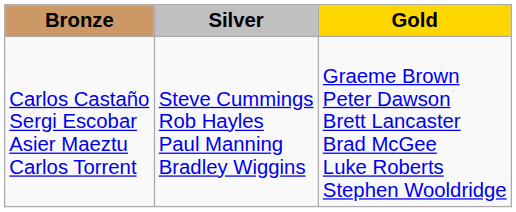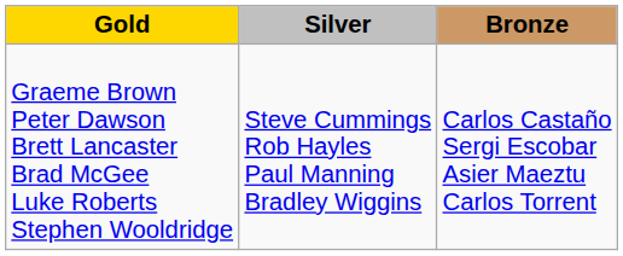 <table class="wikitable">
 <tr>
+<td align=center bgcolor=gold> <strong>Gold</strong></td>
+<td align=center bgcolor=silver> <strong>Silver</strong></td>
 <td align=center bgcolor=cc9966> <strong>Bronze</strong></td>
-<td align=center bgcolor=silver> <strong>Silver</strong></td>
-<td align=center bgcolor=gold> <strong>Gold</strong></td>
 </tr>
 <tr>
+<td><br><a href='#'>Graeme Brown</a> <br><a href='#'>Peter Dawson</a> <br><a href='#'>Brett Lancaster</a> <br><a href='#'>Brad McGee</a> <br><a href='#'>Luke Roberts</a><br><a href='#'>Stephen Wooldridge</a></td>
+<td><br><a href='#'>Steve Cummings</a> <br><a href='#'>Rob Hayles</a> <br><a href='#'>Paul Manning</a> <br><a href='#'>Bradley Wiggins</a></td>
 <td><br><a href='#'>Carlos Castaño</a> <br><a href='#'>Sergi Escobar</a> <br><a href='#'>Asier Maeztu</a> <br><a href='#'>Carlos Torrent</a></td>
-<td><br><a href='#'>Steve Cummings</a> <br><a href='#'>Rob Hayles</a> <br><a href='#'>Paul Manning</a> <br><a href='#'>Bradley Wiggins</a></td>
-<td><br><a href='#'>Graeme Brown</a> <br><a href='#'>Peter Dawson</a> <br><a href='#'>Brett Lancaster</a> <br><a href='#'>Brad McGee</a> <br><a href='#'>Luke Roberts</a><br><a href='#'>Stephen Wooldridge</a></td>
 </tr>
 </table>
